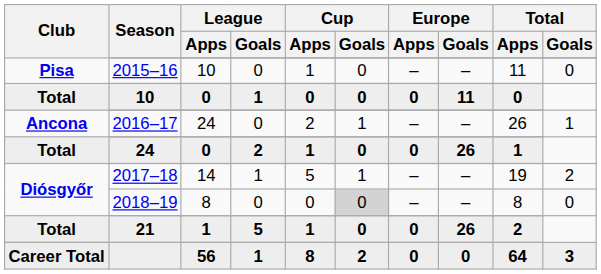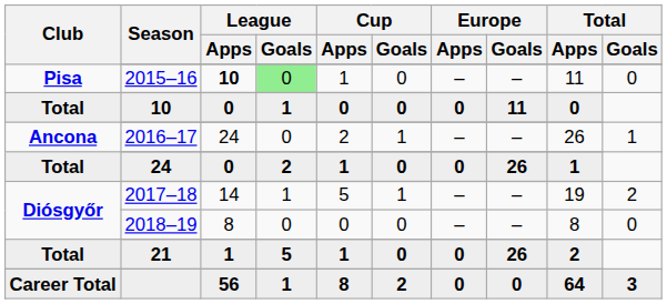 <table class="wikitable" style="font-size:90%; text-align: center;">
 <tr>
 <th rowspan="2">Club</th>
 <th rowspan="2">Season</th>
 <th colspan="2">League</th>
 <th colspan="2">Cup</th>
 <th colspan="2">Europe</th>
 <th colspan="2">Total</th>
 </tr>
 <tr>
 <th>Apps</th>
 <th>Goals</th>
 <th>Apps</th>
 <th>Goals</th>
 <th>Apps</th>
 <th>Goals</th>
 <th>Apps</th>
 <th>Goals</th>
 </tr>
 <tr ||-||-||-|->
 <td rowspan="3" valign="center"><strong><a href='#'>Pisa</a></strong></td>
 </tr>
 <tr>
 <td><a href='#'>2015–16</a></td>
-<td>10</td>
-<td>0</td>
+<td><strong>10</strong></td>
+<td style="background: lightgreen;">0</td>
 <td>1</td>
 <td>0</td>
 <td>–</td>
 <td>–</td>
 <td>11</td>
 <td>0</td>
 </tr>
 <tr>
 </tr>
 <tr style="font-weight:bold; background-color:#eeeeee;">
 <td>Total</td>
 <td>10</td>
 <td>0</td>
 <td>1</td>
 <td>0</td>
 <td>0</td>
 <td>0</td>
 <td>11</td>
 <td>0</td>
 </tr>
 <tr>
 <td rowspan="3" valign="center"><strong><a href='#'>Ancona</a></strong></td>
 </tr>
 <tr>
 <td><a href='#'>2016–17</a></td>
 <td>24</td>
 <td>0</td>
 <td>2</td>
 <td>1</td>
 <td>–</td>
 <td>–</td>
 <td>26</td>
 <td>1</td>
 </tr>
 <tr>
 </tr>
 <tr style="font-weight:bold; background-color:#eeeeee;">
 <td>Total</td>
 <td>24</td>
 <td>0</td>
 <td>2</td>
 <td>1</td>
 <td>0</td>
 <td>0</td>
 <td>26</td>
 <td>1</td>
 </tr>
 <tr>
 <td rowspan="4" valign="center"><strong><a href='#'>Diósgyőr</a></strong></td>
 </tr>
 <tr>
 <td><a href='#'>2017–18</a></td>
 <td>14</td>
 <td>1</td>
 <td>5</td>
 <td>1</td>
 <td>–</td>
 <td>–</td>
 <td>19</td>
 <td>2</td>
 </tr>
 <tr>
 <td><a href='#'>2018–19</a></td>
 <td>8</td>
 <td>0</td>
 <td>0</td>
-<td style="background: lightgrey;">0</td>
+<td>0</td>
 <td>–</td>
 <td>–</td>
 <td>8</td>
 <td>0</td>
 </tr>
 <tr>
 </tr>
 <tr style="font-weight:bold; background-color:#eeeeee;">
 <td>Total</td>
 <td>21</td>
 <td>1</td>
 <td>5</td>
 <td>1</td>
 <td>0</td>
 <td>0</td>
 <td>26</td>
 <td>2</td>
 </tr>
 <tr>
 </tr>
 <tr style="font-weight:bold; background-color:#eeeeee;">
 <td rowspan="2" valign="top"><strong>Career Total</strong></td>
 <td></td>
 <td><strong>56</strong></td>
 <td><strong>1</strong></td>
 <td><strong>8</strong></td>
 <td><strong>2</strong></td>
 <td><strong>0</strong></td>
 <td><strong>0</strong></td>
 <td><strong>64</strong></td>
 <td><strong>3</strong></td>
 </tr>
 </table>
